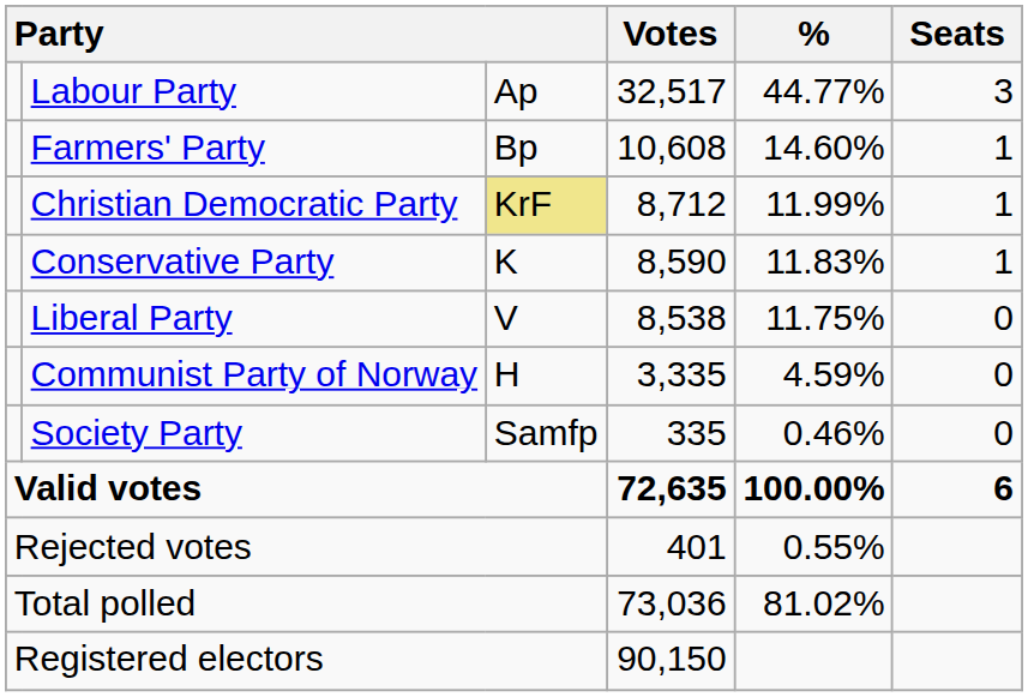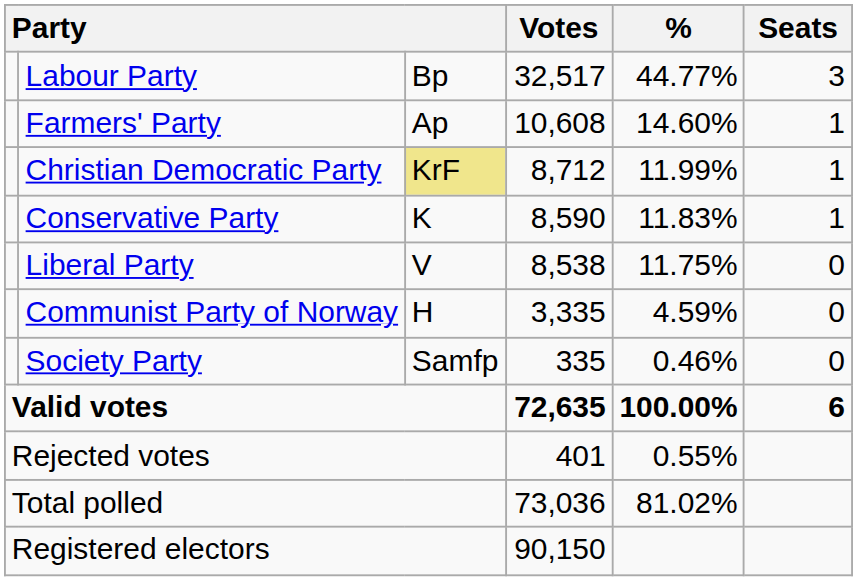 <table class="wikitable" border="1" style="text-align:right;">
 <tr>
 <th style="text-align:left;" colspan=3>Party</th>
 <th align=center width="50">Votes</th>
 <th align=center width="50">%</th>
 <th align=center width="50">Seats</th>
 </tr>
 <tr>
 <td style="color:inherit;background:"></td>
 <td align=left><a href='#'>Labour Party</a></td>
-<td align=left>Ap</td>
+<td align=left>Bp</td>
 <td>32,517</td>
 <td>44.77%</td>
 <td>3</td>
 </tr>
 <tr>
 <td style="color:inherit;background:"></td>
 <td align=left><a href='#'>Farmers' Party</a></td>
-<td align=left>Bp</td>
+<td align=left>Ap</td>
 <td>10,608</td>
 <td>14.60%</td>
 <td>1</td>
 </tr>
 <tr>
 <td style="color:inherit;background:"></td>
 <td align=left><a href='#'>Christian Democratic Party</a></td>
 <td align=left style="background: khaki;">KrF</td>
 <td>8,712</td>
 <td>11.99%</td>
 <td>1</td>
 </tr>
 <tr>
 <td style="color:inherit;background:"></td>
 <td align=left><a href='#'>Conservative Party</a></td>
 <td align=left>K</td>
 <td>8,590</td>
 <td>11.83%</td>
 <td>1</td>
 </tr>
 <tr>
 <td style="color:inherit;background:"></td>
 <td align=left><a href='#'>Liberal Party</a></td>
 <td align=left>V</td>
 <td>8,538</td>
 <td>11.75%</td>
 <td>0</td>
 </tr>
 <tr>
 <td style="color:inherit;background:"></td>
 <td align=left><a href='#'>Communist Party of Norway</a></td>
 <td align=left>H</td>
 <td>3,335</td>
 <td>4.59%</td>
 <td>0</td>
 </tr>
 <tr>
 <td></td>
 <td align=left><a href='#'>Society Party</a></td>
 <td align=left>Samfp</td>
 <td>335</td>
 <td>0.46%</td>
 <td>0</td>
 </tr>
 <tr style="font-weight:bold">
 <td align=left colspan=3>Valid votes</td>
 <td>72,635</td>
 <td>100.00%</td>
 <td>6</td>
 </tr>
 <tr>
 <td align=left colspan=3>Rejected votes</td>
 <td>401</td>
 <td>0.55%</td>
 <td></td>
 </tr>
 <tr>
 <td align=left colspan=3>Total polled</td>
 <td>73,036</td>
 <td>81.02%</td>
 <td></td>
 </tr>
 <tr>
 <td align=left colspan=3>Registered electors</td>
 <td>90,150</td>
 <td></td>
 <td></td>
 </tr>
 </table>
